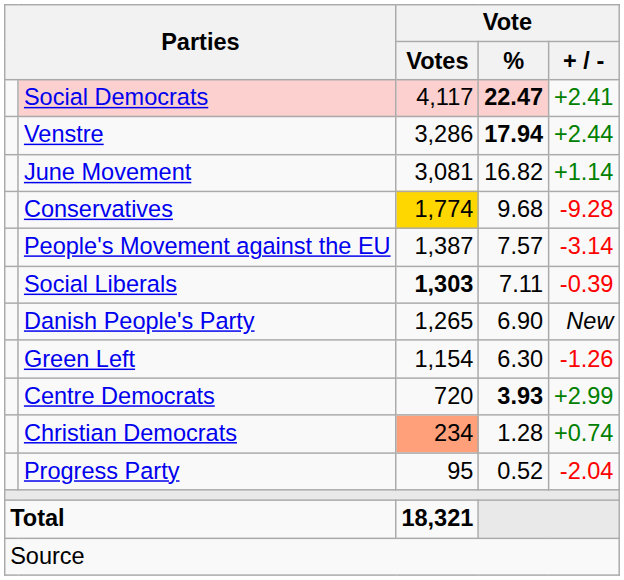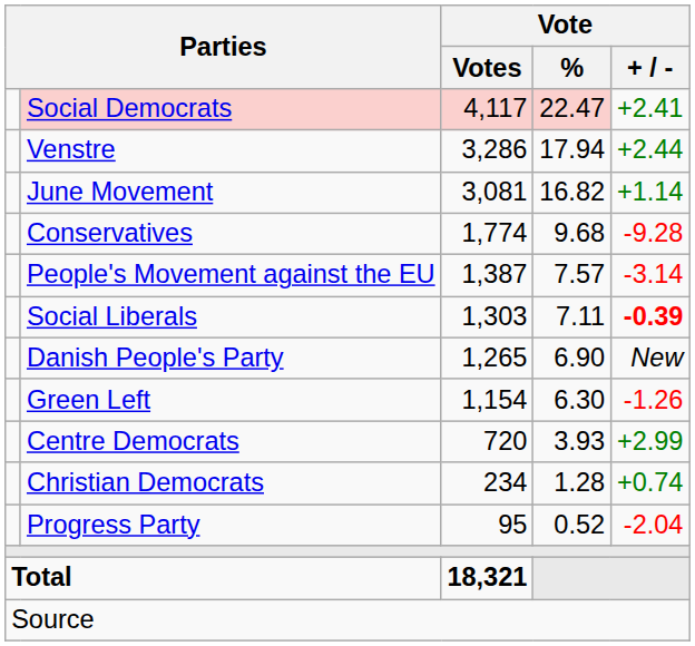 <table class="wikitable" style="text-align:right;">
 <tr>
 <th style="text-align:centre;" rowspan="2" colspan="2" width="225">Parties</th>
 <th colspan="3">Vote</th>
 </tr>
 <tr>
 <th width="15">Votes</th>
 <th width="15">%</th>
 <th width="15">+ / -</th>
 </tr>
 <tr>
 <td width="2" style="color:inherit;background:"></td>
 <td bgcolor=#fbd0ce   align="left"><a href='#'>Social Democrats</a></td>
 <td bgcolor=#fbd0ce>4,117</td>
-<td bgcolor=#fbd0ce><strong>22.47</strong></td>
+<td bgcolor=#fbd0ce>22.47</td>
 <td style=color:green;>+2.41</td>
 </tr>
 <tr>
 <td width="2" style="color:inherit;background:"></td>
 <td align="left"><a href='#'>Venstre</a></td>
 <td>3,286</td>
-<td><strong>17.94</strong></td>
+<td>17.94</td>
 <td style=color:green;>+2.44</td>
 </tr>
 <tr>
 <td width="2" style="color:inherit;background:"></td>
 <td align="left"><a href='#'>June Movement</a></td>
 <td>3,081</td>
 <td>16.82</td>
 <td style=color:green;>+1.14</td>
 </tr>
 <tr>
 <td width="2" style="color:inherit;background:"></td>
 <td align="left"><a href='#'>Conservatives</a></td>
-<td style="background: gold;">1,774</td>
+<td>1,774</td>
 <td>9.68</td>
 <td style=color:red;>-9.28</td>
 </tr>
 <tr>
 <td width="2" style="color:inherit;background:"></td>
 <td align="left"><a href='#'>People's Movement against the EU</a></td>
 <td>1,387</td>
 <td>7.57</td>
 <td style=color:red;>-3.14</td>
 </tr>
 <tr>
 <td width="2" style="color:inherit;background:"></td>
 <td align="left"><a href='#'>Social Liberals</a></td>
-<td><strong>1,303</strong></td>
+<td>1,303</td>
 <td>7.11</td>
-<td style=color:red;>-0.39</td>
+<td style=color:red;><strong>-0.39</strong></td>
 </tr>
 <tr>
 <td width="2" style="color:inherit;background:"></td>
 <td align="left"><a href='#'>Danish People's Party</a></td>
 <td>1,265</td>
 <td>6.90</td>
 <td><em>New</em></td>
 </tr>
 <tr>
 <td width="2" style="color:inherit;background:"></td>
 <td align="left"><a href='#'>Green Left</a></td>
 <td>1,154</td>
 <td>6.30</td>
 <td style=color:red;>-1.26</td>
 </tr>
 <tr>
 <td width="2" style="color:inherit;background:"></td>
 <td align="left"><a href='#'>Centre Democrats</a></td>
 <td>720</td>
-<td><strong>3.93</strong></td>
+<td>3.93</td>
 <td style=color:green;>+2.99</td>
 </tr>
 <tr>
 <td width="2" style="color:inherit;background:"></td>
 <td align="left"><a href='#'>Christian Democrats</a></td>
-<td style="background: lightsalmon;">234</td>
+<td>234</td>
 <td>1.28</td>
 <td style=color:green;>+0.74</td>
 </tr>
 <tr>
 <td width="2" style="color:inherit;background:"></td>
 <td align="left"><a href='#'>Progress Party</a></td>
 <td>95</td>
 <td>0.52</td>
 <td style=color:red;>-2.04</td>
 </tr>
 <tr>
 <td colspan="7" bgcolor="#E9E9E9"></td>
 </tr>
 <tr>
 <td align="left" colspan="2"><strong>Total</strong></td>
 <td><strong>18,321</strong></td>
 <td bgcolor="#E9E9E9" colspan="2"></td>
 </tr>
 <tr>
 <td align="left" colspan="6">Source</td>
 </tr>
 </table>
